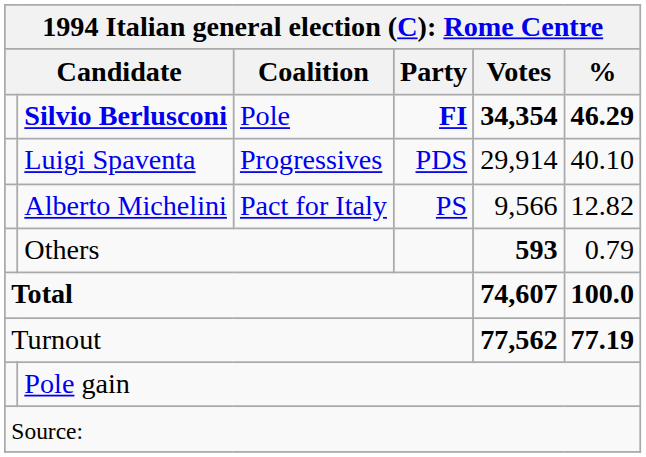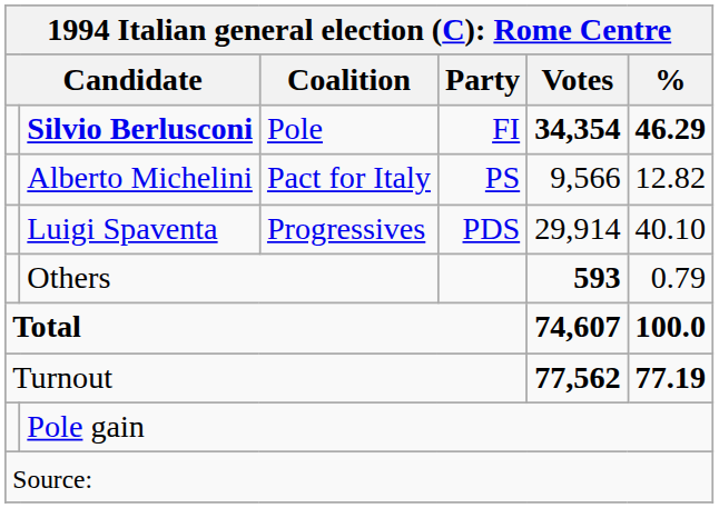 <table class=wikitable style="text-align:right">
 <tr>
 <th colspan=6>1994 Italian general election (<a href='#'>C</a>): <a href='#'>Rome Centre</a></th>
 </tr>
 <tr>
 <th colspan=2>Candidate</th>
 <th>Coalition</th>
 <th>Party</th>
 <th>Votes</th>
 <th>%</th>
 </tr>
 <tr>
 <td></td>
 <td align=left><strong><a href='#'>Silvio Berlusconi</a></strong></td>
 <td align=left><a href='#'>Pole</a></td>
-<td><strong><a href='#'>FI</a></strong></td>
+<td><a href='#'>FI</a></td>
 <td><strong>34,354</strong></td>
 <td><strong>46.29</strong></td>
+</tr>
+<tr>
+<td></td>
+<td align=left><a href='#'>Alberto Michelini</a></td>
+<td align=left><a href='#'>Pact for Italy</a></td>
+<td><a href='#'>PS</a></td>
+<td>9,566</td>
+<td>12.82</td>
 </tr>
 <tr>
 <td></td>
 <td align=left><a href='#'>Luigi Spaventa</a></td>
 <td align=left><a href='#'>Progressives</a></td>
 <td><a href='#'>PDS</a></td>
 <td>29,914</td>
 <td>40.10</td>
-</tr>
-<tr>
-<td></td>
-<td align=left><a href='#'>Alberto Michelini</a></td>
-<td align=left><a href='#'>Pact for Italy</a></td>
-<td><a href='#'>PS</a></td>
-<td>9,566</td>
-<td>12.82</td>
 </tr>
 <tr>
 <td></td>
 <td align=left colspan=2>Others</td>
 <td></td>
 <td><strong>593</strong></td>
 <td>0.79</td>
 </tr>
 <tr>
 <td align=left colspan=4><strong>Total</strong></td>
 <td><strong>74,607</strong></td>
 <td><strong>100.0</strong></td>
 </tr>
 <tr>
 <td align=left colspan=4>Turnout</td>
 <td><strong>77,562</strong></td>
 <td><strong>77.19</strong></td>
 </tr>
 <tr>
 <td></td>
 <td align=left colspan=5><a href='#'>Pole</a> gain</td>
 </tr>
 <tr>
 <td align=left colspan=6><small>Source: </small></td>
 </tr>
 </table>
